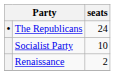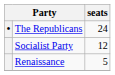 <table class="wikitable" style="font-size: 95%;">
 <tr>
 <th colspan=2>Party</th>
 <th>seats</th>
 </tr>
 <tr>
 <th style="background-color: "><span>•</span></th>
 <td><a href='#'>The Republicans</a></td>
 <td align="right">24</td>
 </tr>
 <tr>
 <th style="background-color: "></th>
 <td><a href='#'>Socialist Party</a></td>
-<td align="right">10</td>
+<td align="right">12</td>
 </tr>
 <tr>
 <th style="background-color: "></th>
 <td><a href='#'>Renaissance</a></td>
-<td align="right">2</td>
+<td align="right">5</td>
 </tr>
 <tr>
 </tr>
 </table>
